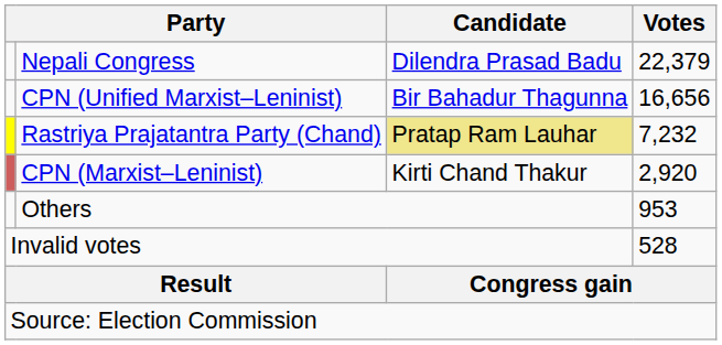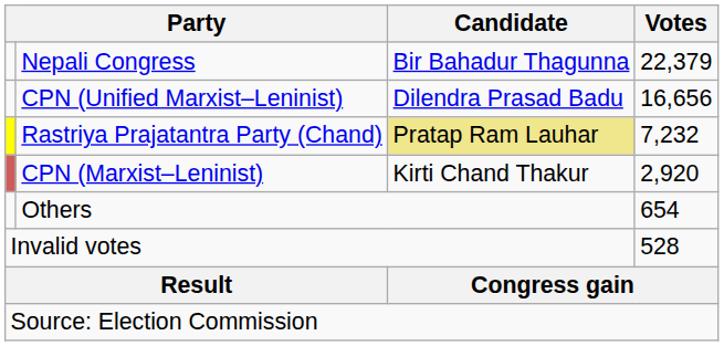 <table class="wikitable">
 <tr>
 <th colspan="2">Party</th>
 <th>Candidate</th>
 <th>Votes</th>
 </tr>
 <tr>
 <td style="background-color:"></td>
 <td><a href='#'>Nepali Congress</a></td>
-<td><a href='#'>Dilendra Prasad Badu</a></td>
+<td><a href='#'>Bir Bahadur Thagunna</a></td>
 <td>22,379</td>
 </tr>
 <tr>
 <td style="background-color:"></td>
 <td><a href='#'>CPN (Unified Marxist–Leninist)</a></td>
-<td><a href='#'>Bir Bahadur Thagunna</a></td>
+<td><a href='#'>Dilendra Prasad Badu</a></td>
 <td>16,656</td>
 </tr>
 <tr>
 <td style="background-color:yellow"></td>
 <td><a href='#'>Rastriya Prajatantra Party (Chand)</a></td>
 <td style="background: khaki;">Pratap Ram Lauhar</td>
 <td>7,232</td>
 </tr>
 <tr>
 <td style="background-color:indianred"></td>
 <td><a href='#'>CPN (Marxist–Leninist)</a></td>
 <td>Kirti Chand Thakur</td>
 <td>2,920</td>
 </tr>
 <tr>
 <td></td>
 <td colspan="2">Others</td>
-<td>953</td>
+<td>654</td>
 </tr>
 <tr>
 <td colspan="3">Invalid votes</td>
 <td>528</td>
 </tr>
 <tr>
 <th colspan="2">Result</th>
 <th colspan="2">Congress gain</th>
 </tr>
 <tr>
 <td colspan="4">Source: Election Commission</td>
 </tr>
 </table>
